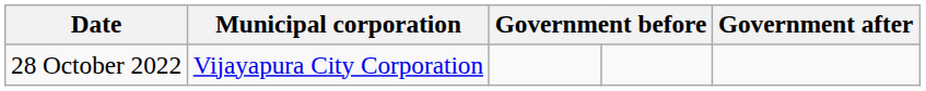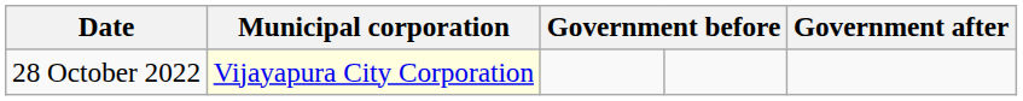 <table class="wikitable sortable">
 <tr>
 <th>Date</th>
 <th>Municipal corporation</th>
 <th colspan="2">Government before</th>
 <th colspan="2">Government after</th>
 </tr>
 <tr>
 <td>28 October 2022</td>
-<td><a href='#'>Vijayapura City Corporation</a></td>
+<td style="background: lightyellow;"><a href='#'>Vijayapura City Corporation</a></td>
 <td></td>
 <td></td>
 </tr>
 </table>
